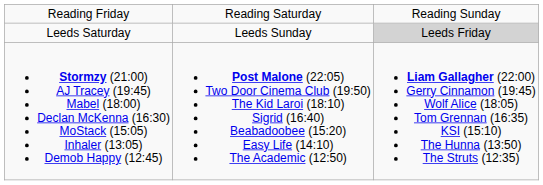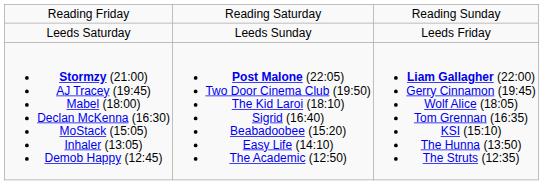 <table class="wikitable" style="text-align:center;">
 <tr>
 <td>Reading Friday</td>
 <td>Reading Saturday</td>
 <td>Reading Sunday</td>
 </tr>
 <tr>
 <td>Leeds Saturday</td>
 <td>Leeds Sunday</td>
-<td style="background: lightgrey;">Leeds Friday</td>
+<td>Leeds Friday</td>
 </tr>
 <tr>
 <td><br><ul><li><strong><a href='#'>Stormzy</a></strong> (21:00)</li><li><a href='#'>AJ Tracey</a> (19:45)</li><li><a href='#'>Mabel</a> (18:00)</li><li><a href='#'>Declan McKenna</a> (16:30)</li><li><a href='#'>MoStack</a> (15:05)</li><li><a href='#'>Inhaler</a> (13:05)</li><li><a href='#'>Demob Happy</a> (12:45)</li></ul></td>
 <td><br><ul><li><strong><a href='#'>Post Malone</a></strong> (22:05)</li><li><a href='#'>Two Door Cinema Club</a> (19:50)</li><li><a href='#'>The Kid Laroi</a> (18:10)</li><li><a href='#'>Sigrid</a> (16:40)</li><li><a href='#'>Beabadoobee</a> (15:20)</li><li><a href='#'>Easy Life</a> (14:10)</li><li><a href='#'>The Academic</a> (12:50)</li></ul></td>
 <td><br><ul><li><strong><a href='#'>Liam Gallagher</a></strong> (22:00)</li><li><a href='#'>Gerry Cinnamon</a> (19:45)</li><li><a href='#'>Wolf Alice</a> (18:05)</li><li><a href='#'>Tom Grennan</a> (16:35)</li><li><a href='#'>KSI</a> (15:10)</li><li><a href='#'>The Hunna</a> (13:50)</li><li><a href='#'>The Struts</a> (12:35)</li></ul></td>
 </tr>
 </table>
